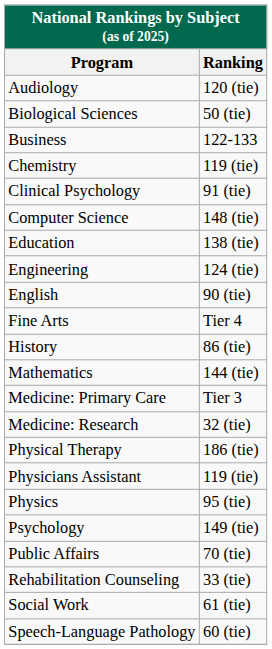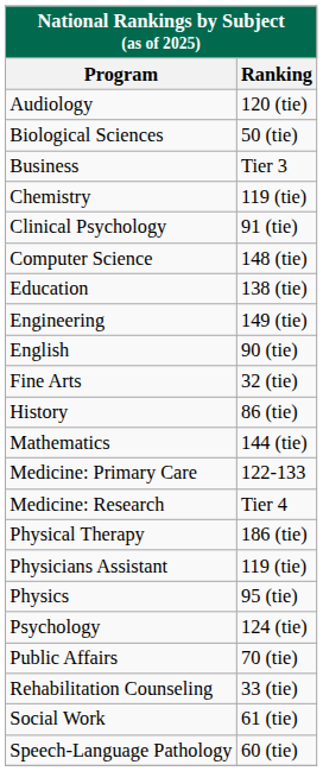 <table class="wikitable sortable collapsible collapsed" style="float:right;clear:right;" "text-align:center">
 <tr>
 <th colspan=4 style="background:#00694E; color:#ffffff; ">National Rankings by Subject<br><small>(as of 2025)</small></th>
 </tr>
 <tr>
 <th>Program</th>
 <th>Ranking</th>
 </tr>
 <tr>
 <td>Audiology</td>
 <td>120 (tie)</td>
 </tr>
 <tr>
 <td>Biological Sciences</td>
 <td>50 (tie)</td>
 </tr>
 <tr>
 <td>Business</td>
-<td>122-133</td>
+<td>Tier 3</td>
 </tr>
 <tr>
 <td>Chemistry</td>
 <td>119 (tie)</td>
 </tr>
 <tr>
 <td>Clinical Psychology</td>
 <td>91 (tie)</td>
 </tr>
 <tr>
 <td>Computer Science</td>
 <td>148 (tie)</td>
 </tr>
 <tr>
 <td>Education</td>
 <td>138 (tie)</td>
 </tr>
 <tr>
 <td>Engineering</td>
-<td>124 (tie)</td>
+<td>149 (tie)</td>
 </tr>
 <tr>
 <td>English</td>
 <td>90 (tie)</td>
 </tr>
 <tr>
 <td>Fine Arts</td>
-<td>Tier 4</td>
+<td>32 (tie)</td>
 </tr>
 <tr>
 <td>History</td>
 <td>86 (tie)</td>
 </tr>
 <tr>
 <td>Mathematics</td>
 <td>144 (tie)</td>
 </tr>
 <tr>
 <td>Medicine: Primary Care</td>
-<td>Tier 3</td>
+<td>122-133</td>
 </tr>
 <tr>
 <td>Medicine: Research</td>
-<td>32 (tie)</td>
+<td>Tier 4</td>
 </tr>
 <tr>
 <td>Physical Therapy</td>
 <td>186 (tie)</td>
 </tr>
 <tr>
 <td>Physicians Assistant</td>
 <td>119 (tie)</td>
 </tr>
 <tr>
 <td>Physics</td>
 <td>95 (tie)</td>
 </tr>
 <tr>
 <td>Psychology</td>
-<td>149 (tie)</td>
+<td>124 (tie)</td>
 </tr>
 <tr>
 <td>Public Affairs</td>
 <td>70 (tie)</td>
 </tr>
 <tr>
 <td>Rehabilitation Counseling</td>
 <td>33 (tie)</td>
 </tr>
 <tr>
 <td>Social Work</td>
 <td>61 (tie)</td>
 </tr>
 <tr>
 <td>Speech-Language Pathology</td>
 <td>60 (tie)</td>
 </tr>
 <tr>
 </tr>
 </table>
